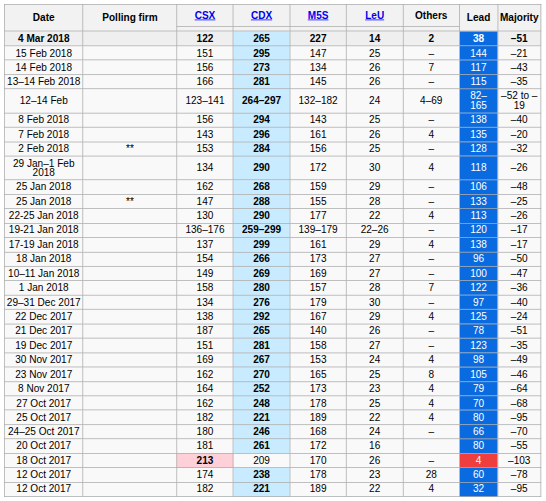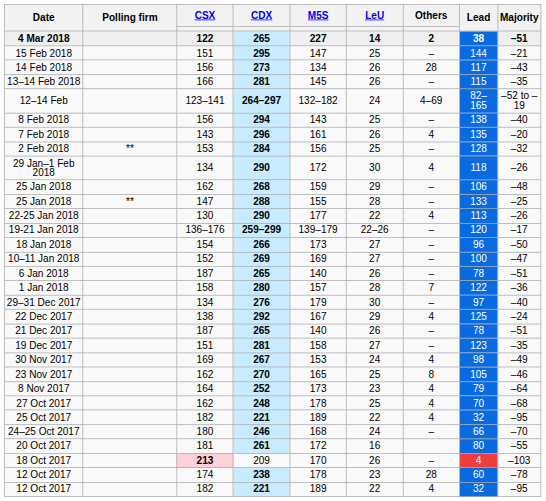 <table class="wikitable collapsible" style="text-align:center;font-size:85%;line-height:13px">
 <tr style="height:30px; background-color:#E9E9E9">
 <th style="width:100px;" rowspan="2">Date</th>
 <th style="width:120px;" rowspan="2">Polling firm</th>
 <th style="width:70px;"><a href='#'>CSX</a></th>
 <th style="width:70px;"><a href='#'>CDX</a></th>
 <th style="width:70px;"><a href='#'>M5S</a></th>
 <th style="width:70px;"><a href='#'>LeU</a></th>
 <th style="width:70px;">Others</th>
 <th style="width:45px;" rowspan="2">Lead</th>
 <th style="width:45px;" rowspan="2">Majority</th>
 </tr>
 <tr>
 <th style="background:"></th>
 <th style="background:"></th>
 <th style="background:"></th>
 <th style="background:"></th>
 <th style="background:"></th>
 </tr>
 <tr style="background:#EFEFEF; font-weight:bold;">
 <td>4 Mar 2018</td>
 <td> </td>
 <td>122</td>
 <td style="background:#C8EBFF"><strong>265</strong></td>
 <td>227</td>
 <td>14</td>
 <td>2</td>
 <td style="background:#0A6BE1; color:white;">38</td>
 <td>–51</td>
 </tr>
 <tr>
 <td>15 Feb 2018</td>
 <td></td>
 <td>151</td>
 <td style="background:#C8EBFF"><strong>295</strong></td>
 <td>147</td>
 <td>25</td>
 <td>–</td>
 <td style="background:#0A6BE1; color:white;">144</td>
 <td>–21</td>
 </tr>
 <tr>
 <td>14 Feb 2018</td>
 <td></td>
 <td>156</td>
 <td style="background:#C8EBFF"><strong>273</strong></td>
 <td>134</td>
 <td>26</td>
-<td>7</td>
+<td>28</td>
 <td style="background:#0A6BE1; color:white;">117</td>
 <td>–43</td>
 </tr>
 <tr>
 <td>13–14 Feb 2018</td>
 <td></td>
 <td>166</td>
 <td style="background:#C8EBFF"><strong>281</strong></td>
 <td>145</td>
 <td>26</td>
 <td>–</td>
 <td style="background:#0A6BE1; color:white;">115</td>
 <td>–35</td>
 </tr>
 <tr>
 <td>12–14 Feb</td>
 <td></td>
 <td>123–141</td>
 <td style="background:#C8EBFF"><strong>264–297</strong></td>
 <td>132–182</td>
 <td>24</td>
 <td>4–69</td>
 <td style="background:#0A6BE1; color:white;">82–165</td>
 <td>–52 to –19</td>
 </tr>
 <tr>
 <td>8 Feb 2018</td>
 <td></td>
 <td>156</td>
 <td style="background:#C8EBFF"><strong>294</strong></td>
 <td>143</td>
 <td>25</td>
 <td>–</td>
 <td style="background:#0A6BE1; color:white;">138</td>
 <td>–40</td>
 </tr>
 <tr>
 <td>7 Feb 2018</td>
 <td></td>
 <td>143</td>
 <td style="background:#C8EBFF"><strong>296</strong></td>
 <td>161</td>
 <td>26</td>
 <td>4</td>
 <td style="background:#0A6BE1; color:white;">135</td>
 <td>–20</td>
 </tr>
 <tr>
 <td>2 Feb 2018</td>
 <td>**</td>
 <td>153</td>
 <td style="background:#C8EBFF"><strong>284</strong></td>
 <td>156</td>
 <td>25</td>
 <td>–</td>
 <td style="background:#0A6BE1; color:white;">128</td>
 <td>–32</td>
 </tr>
 <tr>
 <td>29 Jan–1 Feb 2018</td>
 <td> </td>
 <td>134</td>
 <td style="background:#C8EBFF"><strong>290</strong></td>
 <td>172</td>
 <td>30</td>
 <td>4</td>
 <td style="background:#0A6BE1; color:white;">118</td>
 <td>–26</td>
 </tr>
 <tr>
 <td>25 Jan 2018</td>
 <td></td>
 <td>162</td>
 <td style="background:#C8EBFF"><strong>268</strong></td>
 <td>159</td>
 <td>29</td>
 <td>–</td>
 <td style="background:#0A6BE1; color:white;">106</td>
 <td>–48</td>
 </tr>
 <tr>
 <td>25 Jan 2018</td>
 <td>**</td>
 <td>147</td>
 <td style="background:#C8EBFF"><strong>288</strong></td>
 <td>155</td>
 <td>28</td>
 <td>–</td>
 <td style="background:#0A6BE1; color:white;">133</td>
 <td>–25</td>
 </tr>
 <tr>
 <td>22-25 Jan 2018</td>
 <td></td>
 <td>130</td>
 <td style="background:#C8EBFF"><strong>290</strong></td>
 <td>177</td>
 <td>22</td>
 <td>4</td>
 <td style="background:#0A6BE1; color:white;">113</td>
 <td>–26</td>
 </tr>
 <tr>
 <td>19-21 Jan 2018</td>
 <td></td>
 <td>136–176</td>
 <td style="background:#C8EBFF"><strong>259–299</strong></td>
 <td>139–179</td>
 <td>22–26</td>
 <td>–</td>
 <td style="background:#0A6BE1; color:white;">120</td>
 <td>–17</td>
 </tr>
 <tr>
-<td>17-19 Jan 2018</td>
-<td> </td>
-<td>137</td>
-<td style="background:#C8EBFF"><strong>299</strong></td>
-<td>161</td>
-<td>29</td>
-<td>4</td>
-<td style="background:#0A6BE1; color:white;">138</td>
-<td>–17</td>
-</tr>
-<tr>
 <td>18 Jan 2018</td>
 <td></td>
 <td>154</td>
 <td style="background:#C8EBFF"><strong>266</strong></td>
 <td>173</td>
 <td>27</td>
 <td>–</td>
 <td style="background:#0A6BE1; color:white;">96</td>
 <td>–50</td>
 </tr>
 <tr>
 <td>10–11 Jan 2018</td>
 <td></td>
-<td>149</td>
+<td>152</td>
 <td style="background:#C8EBFF"><strong>269</strong></td>
 <td>169</td>
 <td>27</td>
 <td>–</td>
 <td style="background:#0A6BE1; color:white;">100</td>
 <td>–47</td>
+</tr>
+<tr>
+<td>6 Jan 2018</td>
+<td> </td>
+<td>187</td>
+<td style="background:#C8EBFF"><strong>265</strong></td>
+<td>140</td>
+<td>26</td>
+<td>–</td>
+<td style="background:#0A6BE1; color:white;">78</td>
+<td>–51</td>
 </tr>
 <tr>
 <td>1 Jan 2018</td>
 <td></td>
 <td>158</td>
 <td style="background:#C8EBFF"><strong>280</strong></td>
 <td>157</td>
 <td>28</td>
 <td>7</td>
 <td style="background:#0A6BE1; color:white;">122</td>
 <td>–36</td>
 </tr>
 <tr>
 <td>29–31 Dec 2017</td>
 <td></td>
 <td>134</td>
 <td style="background:#C8EBFF"><strong>276</strong></td>
 <td>179</td>
 <td>30</td>
 <td>–</td>
 <td style="background:#0A6BE1; color:white;">97</td>
 <td>–40</td>
 </tr>
 <tr>
 <td>22 Dec 2017</td>
 <td></td>
 <td>138</td>
 <td style="background:#C8EBFF"><strong>292</strong></td>
 <td>167</td>
 <td>29</td>
 <td>4</td>
 <td style="background:#0A6BE1; color:white;">125</td>
 <td>–24</td>
 </tr>
 <tr>
 <td>21 Dec 2017</td>
 <td></td>
 <td>187</td>
 <td style="background:#C8EBFF"><strong>265</strong></td>
 <td>140</td>
 <td>26</td>
 <td>–</td>
 <td style="background:#0A6BE1; color:white;">78</td>
 <td>–51</td>
 </tr>
 <tr>
 <td>19 Dec 2017</td>
 <td></td>
 <td>151</td>
 <td style="background:#C8EBFF"><strong>281</strong></td>
 <td>158</td>
 <td>27</td>
 <td>–</td>
 <td style="background:#0A6BE1; color:white;">123</td>
 <td>–35</td>
 </tr>
 <tr>
 <td>30 Nov 2017</td>
 <td></td>
 <td>169</td>
 <td style="background:#C8EBFF"><strong>267</strong></td>
 <td>153</td>
 <td>24</td>
 <td>4</td>
 <td style="background:#0A6BE1; color:white;">98</td>
 <td>–49</td>
 </tr>
 <tr>
 <td>23 Nov 2017</td>
 <td></td>
 <td>162</td>
 <td style="background:#C8EBFF"><strong>270</strong></td>
 <td>165</td>
 <td>25</td>
 <td>8</td>
 <td style="background:#0A6BE1; color:white;">105</td>
 <td>–46</td>
 </tr>
 <tr>
 <td>8 Nov 2017</td>
 <td></td>
 <td>164</td>
 <td style="background:#C8EBFF"><strong>252</strong></td>
 <td>173</td>
 <td>23</td>
 <td>4</td>
 <td style="background:#0A6BE1; color:white;">79</td>
 <td>–64</td>
 </tr>
 <tr>
 <td>27 Oct 2017</td>
 <td></td>
 <td>162</td>
 <td style="background:#C8EBFF"><strong>248</strong></td>
 <td>178</td>
 <td>25</td>
 <td>4</td>
 <td style="background:#0A6BE1; color:white;">70</td>
 <td>–68</td>
 </tr>
 <tr>
 <td>25 Oct 2017</td>
 <td></td>
 <td>182</td>
 <td style="background:#C8EBFF"><strong>221</strong></td>
 <td>189</td>
 <td>22</td>
 <td>4</td>
-<td style="background:#0A6BE1; color:white;">80</td>
+<td style="background:#0A6BE1; color:white;">32</td>
 <td>–95</td>
 </tr>
 <tr>
 <td>24–25 Oct 2017</td>
 <td></td>
 <td>180</td>
 <td style="background:#C8EBFF"><strong>246</strong></td>
 <td>168</td>
 <td>24</td>
 <td>–</td>
 <td style="background:#0A6BE1; color:white;">66</td>
 <td>–70</td>
 </tr>
 <tr>
 <td>20 Oct 2017</td>
 <td></td>
 <td>181</td>
 <td style="background:#C8EBFF"><strong>261</strong></td>
 <td>172</td>
 <td>16</td>
 <td></td>
 <td style="background:#0A6BE1; color:white;">80</td>
 <td>–55</td>
 </tr>
 <tr>
 <td>18 Oct 2017</td>
 <td></td>
 <td style="background:#FFD0D7;"><strong>213</strong></td>
 <td>209</td>
 <td>170</td>
 <td>26</td>
 <td>–</td>
 <td style="background:#EF3E3E; color:white;">4</td>
 <td>–103</td>
 </tr>
 <tr>
 <td>12 Oct 2017</td>
 <td></td>
 <td>174</td>
 <td style="background:#C8EBFF"><strong>238</strong></td>
 <td>178</td>
 <td>23</td>
 <td>28</td>
 <td style="background:#0A6BE1; color:white;">60</td>
 <td>–78</td>
 </tr>
 <tr>
 <td>12 Oct 2017</td>
 <td></td>
 <td>182</td>
 <td style="background:#C8EBFF"><strong>221</strong></td>
 <td>189</td>
 <td>22</td>
 <td>4</td>
 <td style="background:#0A6BE1; color:white;">32</td>
 <td>–95</td>
 </tr>
 </table>
